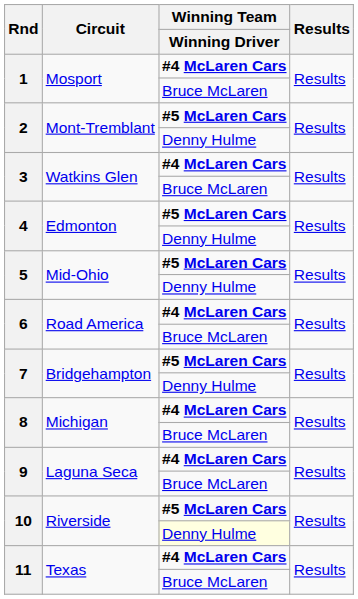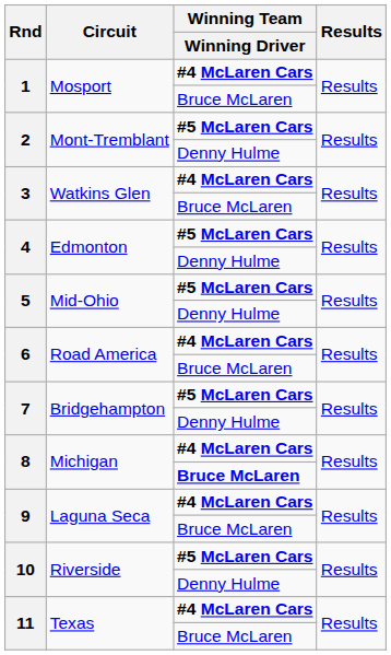 <table class="wikitable" style="font-size: 90%;">
 <tr>
 <th rowspan=2>Rnd</th>
 <th rowspan=2>Circuit</th>
 <th>Winning Team</th>
 <th rowspan=2>Results</th>
 </tr>
 <tr>
 <th>Winning Driver</th>
 </tr>
 <tr>
 <th rowspan=2>1</th>
 <td rowspan=2><a href='#'>Mosport</a></td>
 <td><strong> #4 <a href='#'>McLaren Cars</a></strong></td>
 <td rowspan=2><a href='#'>Results</a></td>
 </tr>
 <tr>
 <td> <a href='#'>Bruce McLaren</a></td>
 </tr>
 <tr>
 <th rowspan=2>2</th>
 <td rowspan=2><a href='#'>Mont-Tremblant</a></td>
 <td><strong> #5 <a href='#'>McLaren Cars</a></strong></td>
 <td rowspan=2><a href='#'>Results</a></td>
 </tr>
 <tr>
 <td> <a href='#'>Denny Hulme</a></td>
 </tr>
 <tr>
 <th rowspan=2>3</th>
 <td rowspan=2><a href='#'>Watkins Glen</a></td>
 <td><strong> #4 <a href='#'>McLaren Cars</a></strong></td>
 <td rowspan=2><a href='#'>Results</a></td>
 </tr>
 <tr>
 <td> <a href='#'>Bruce McLaren</a></td>
 </tr>
 <tr>
 <th rowspan=2>4</th>
 <td rowspan=2><a href='#'>Edmonton</a></td>
 <td><strong> #5 <a href='#'>McLaren Cars</a></strong></td>
 <td rowspan=2><a href='#'>Results</a></td>
 </tr>
 <tr>
 <td> <a href='#'>Denny Hulme</a></td>
 </tr>
 <tr>
 <th rowspan=2>5</th>
 <td rowspan=2><a href='#'>Mid-Ohio</a></td>
 <td><strong> #5 <a href='#'>McLaren Cars</a></strong></td>
 <td rowspan=2><a href='#'>Results</a></td>
 </tr>
 <tr>
 <td> <a href='#'>Denny Hulme</a></td>
 </tr>
 <tr>
 <th rowspan=2>6</th>
 <td rowspan=2><a href='#'>Road America</a></td>
 <td><strong> #4 <a href='#'>McLaren Cars</a></strong></td>
 <td rowspan=2><a href='#'>Results</a></td>
 </tr>
 <tr>
 <td> <a href='#'>Bruce McLaren</a></td>
 </tr>
 <tr>
 <th rowspan=2>7</th>
 <td rowspan=2><a href='#'>Bridgehampton</a></td>
 <td><strong> #5 <a href='#'>McLaren Cars</a></strong></td>
 <td rowspan=2><a href='#'>Results</a></td>
 </tr>
 <tr>
 <td> <a href='#'>Denny Hulme</a></td>
 </tr>
 <tr>
 <th rowspan=2>8</th>
 <td rowspan=2><a href='#'>Michigan</a></td>
 <td><strong> #4 <a href='#'>McLaren Cars</a></strong></td>
 <td rowspan=2><a href='#'>Results</a></td>
 </tr>
 <tr>
-<td> <a href='#'>Bruce McLaren</a></td>
+<td><strong> <a href='#'>Bruce McLaren</a></strong></td>
 </tr>
 <tr>
 <th rowspan=2>9</th>
 <td rowspan=2><a href='#'>Laguna Seca</a></td>
 <td><strong> #4 <a href='#'>McLaren Cars</a></strong></td>
 <td rowspan=2><a href='#'>Results</a></td>
 </tr>
 <tr>
 <td> <a href='#'>Bruce McLaren</a></td>
 </tr>
 <tr>
 <th rowspan=2>10</th>
 <td rowspan=2><a href='#'>Riverside</a></td>
 <td><strong> #5 <a href='#'>McLaren Cars</a></strong></td>
 <td rowspan=2><a href='#'>Results</a></td>
 </tr>
 <tr>
-<td style="background: lightyellow;"> <a href='#'>Denny Hulme</a></td>
+<td> <a href='#'>Denny Hulme</a></td>
 </tr>
 <tr>
 <th rowspan=2>11</th>
 <td rowspan=2><a href='#'>Texas</a></td>
 <td><strong> #4 <a href='#'>McLaren Cars</a></strong></td>
 <td rowspan=2><a href='#'>Results</a></td>
 </tr>
 <tr>
 <td> <a href='#'>Bruce McLaren</a></td>
 </tr>
 </table>
